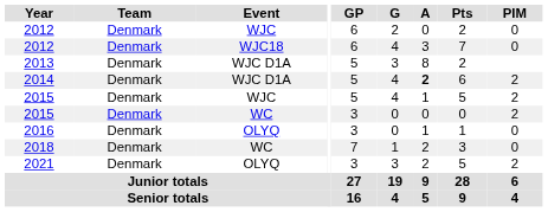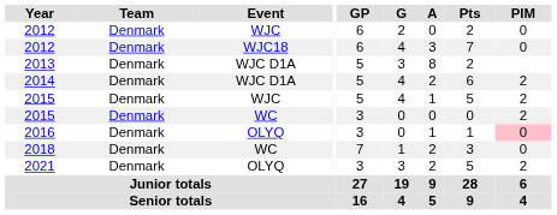 <table border="0" cellpadding="1" cellspacing="0" ID="Table3" style="text-align:center; width:40em">
 <tr bgcolor="#e0e0e0">
 <th>Year</th>
 <th>Team</th>
 <th>Event</th>
 <th rowspan="102" bgcolor="#ffffff"></th>
 <th>GP</th>
 <th>G</th>
 <th>A</th>
 <th>Pts</th>
 <th>PIM</th>
 </tr>
 <tr>
 <td><a href='#'>2012</a></td>
 <td><a href='#'>Denmark</a></td>
 <td><a href='#'>WJC</a></td>
 <td>6</td>
 <td>2</td>
 <td>0</td>
 <td>2</td>
 <td>0</td>
 </tr>
 <tr bgcolor="#f0f0f0">
 <td><a href='#'>2012</a></td>
 <td><a href='#'>Denmark</a></td>
 <td><a href='#'>WJC18</a></td>
 <td>6</td>
 <td>4</td>
 <td>3</td>
 <td>7</td>
 <td>0</td>
 </tr>
 <tr>
 <td><a href='#'>2013</a></td>
 <td>Denmark</td>
 <td>WJC D1A</td>
 <td 5>5</td>
 <td>3</td>
 <td>8</td>
 <td>2</td>
 </tr>
 <tr bgcolor="#f0f0f0">
 <td><a href='#'>2014</a></td>
 <td>Denmark</td>
 <td>WJC D1A</td>
 <td>5</td>
 <td>4</td>
-<td><strong>2</strong></td>
+<td>2</td>
 <td>6</td>
 <td>2</td>
 </tr>
 <tr>
 <td><a href='#'>2015</a></td>
 <td>Denmark</td>
 <td>WJC</td>
 <td>5</td>
 <td>4</td>
 <td>1</td>
 <td>5</td>
 <td>2</td>
 </tr>
 <tr bgcolor="#f0f0f0">
 <td><a href='#'>2015</a></td>
 <td><a href='#'>Denmark</a></td>
 <td><a href='#'>WC</a></td>
 <td>3</td>
 <td>0</td>
 <td>0</td>
 <td>0</td>
 <td>2</td>
 </tr>
 <tr>
 <td><a href='#'>2016</a></td>
 <td>Denmark</td>
 <td><a href='#'>OLYQ</a></td>
 <td>3</td>
 <td>0</td>
 <td>1</td>
 <td>1</td>
-<td>0</td>
+<td style="background: pink;">0</td>
 </tr>
 <tr bgcolor="#f0f0f0">
 <td><a href='#'>2018</a></td>
 <td>Denmark</td>
 <td>WC</td>
 <td>7</td>
 <td>1</td>
 <td>2</td>
 <td>3</td>
 <td>0</td>
 </tr>
 <tr>
 <td><a href='#'>2021</a></td>
 <td>Denmark</td>
 <td>OLYQ</td>
 <td>3</td>
 <td>3</td>
 <td>2</td>
 <td>5</td>
 <td>2</td>
 </tr>
 <tr bgcolor="#e0e0e0">
 <th colspan="4">Junior totals</th>
 <th>27</th>
 <th>19</th>
 <th>9</th>
 <th>28</th>
 <th>6</th>
 </tr>
 <tr bgcolor="#e0e0e0">
 <th colspan="4">Senior totals</th>
 <th>16</th>
 <th>4</th>
 <th>5</th>
 <th>9</th>
 <th>4</th>
 </tr>
 </table>
